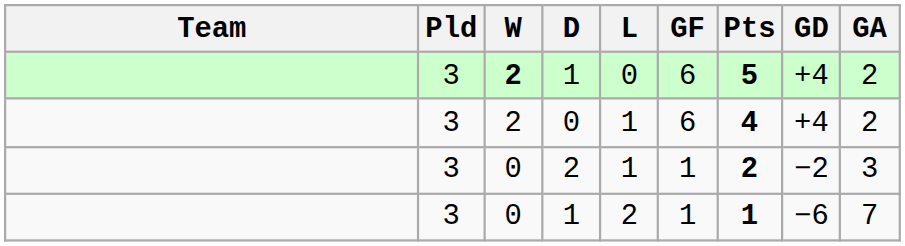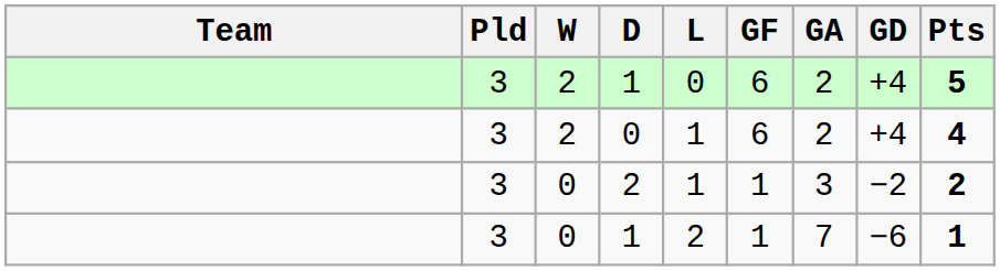 <table class="wikitable" style="text-align:center;">
 <tr>
 <th width=180>Team</th>
 <th width=20>Pld</th>
 <th width=20>W</th>
 <th width=20>D</th>
 <th width=20>L</th>
 <th width=20>GF</th>
+<th width=20>GA</th>
+<th width=20>GD</th>
 <th width=20>Pts</th>
-<th width=20>GD</th>
-<th width=20>GA</th>
 </tr>
 <tr bgcolor="ccffcc">
 <td align="left"></td>
 <td>3</td>
-<td><strong>2</strong></td>
+<td>2</td>
 <td>1</td>
 <td>0</td>
 <td>6</td>
+<td>2</td>
+<td>+4</td>
 <td><strong>5</strong></td>
-<td>+4</td>
-<td>2</td>
 </tr>
 <tr>
 <td align="left"></td>
 <td>3</td>
 <td>2</td>
 <td>0</td>
 <td>1</td>
 <td>6</td>
+<td>2</td>
+<td>+4</td>
 <td><strong>4</strong></td>
-<td>+4</td>
-<td>2</td>
 </tr>
 <tr>
 <td align="left"></td>
 <td>3</td>
 <td>0</td>
 <td>2</td>
 <td>1</td>
 <td>1</td>
+<td>3</td>
+<td>−2</td>
 <td><strong>2</strong></td>
-<td>−2</td>
-<td>3</td>
 </tr>
 <tr>
 <td align="left"></td>
 <td>3</td>
 <td>0</td>
 <td>1</td>
 <td>2</td>
 <td>1</td>
+<td>7</td>
+<td>−6</td>
 <td><strong>1</strong></td>
-<td>−6</td>
-<td>7</td>
 </tr>
 </table>
